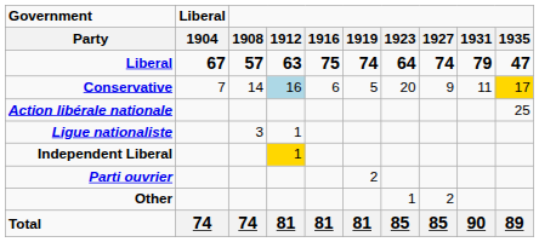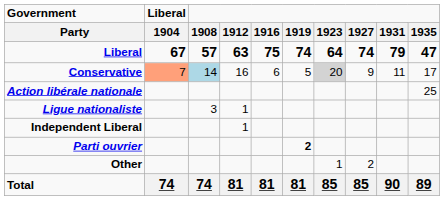 <table class="wikitable">
 <tr>
 <td><strong>Government</strong></td>
 <td><strong>Liberal</strong></td>
 </tr>
 <tr>
 <th>Party</th>
 <th>1904</th>
 <th>1908</th>
 <th>1912</th>
 <th>1916</th>
 <th>1919</th>
 <th>1923</th>
 <th>1927</th>
 <th>1931</th>
 <th>1935</th>
 </tr>
 <tr align = "right">
 <td><strong><a href='#'>Liberal</a></strong></td>
 <td><strong><big>67</big></strong></td>
 <td><strong><big>57</big></strong></td>
 <td><strong><big>63</big></strong></td>
 <td><strong><big>75</big></strong></td>
 <td><strong><big>74</big></strong></td>
 <td><strong><big>64</big></strong></td>
 <td><strong><big>74</big></strong></td>
 <td><strong><big>79</big></strong></td>
 <td><strong><big>47</big></strong></td>
 </tr>
 <tr align = "right">
 <td><strong><a href='#'>Conservative</a></strong></td>
-<td>7</td>
-<td>14</td>
-<td style="background: lightblue;">16</td>
+<td style="background: lightsalmon;">7</td>
+<td style="background: lightblue;">14</td>
+<td>16</td>
 <td>6</td>
 <td>5</td>
-<td>20</td>
+<td style="background: lightgrey;">20</td>
 <td>9</td>
 <td>11</td>
-<td style="background: gold;">17</td>
+<td>17</td>
 </tr>
 <tr align = "right">
 <td><strong><em><a href='#'>Action libérale nationale</a></em></strong></td>
 <td></td>
 <td></td>
 <td></td>
 <td></td>
 <td></td>
 <td></td>
 <td></td>
 <td></td>
 <td>25</td>
 </tr>
 <tr align = "right">
 <td><strong><em><a href='#'>Ligue nationaliste</a></em></strong></td>
 <td></td>
 <td>3</td>
 <td>1</td>
 <td></td>
 <td></td>
 <td></td>
 <td></td>
 <td></td>
 <td></td>
 </tr>
 <tr align = "right">
 <td><strong>Independent Liberal</strong></td>
 <td></td>
 <td></td>
-<td style="background: gold;">1</td>
+<td>1</td>
 <td></td>
 <td></td>
 <td></td>
 <td></td>
 <td></td>
 <td></td>
 </tr>
 <tr align = "right">
 <td><strong><em><a href='#'>Parti ouvrier</a></em></strong></td>
 <td></td>
 <td></td>
 <td></td>
 <td></td>
-<td>2</td>
+<td><strong>2</strong></td>
 <td></td>
 <td></td>
 <td></td>
 <td></td>
 </tr>
 <tr align = "right">
 <td><strong>Other</strong></td>
 <td></td>
 <td></td>
 <td></td>
 <td></td>
 <td></td>
 <td>1</td>
 <td>2</td>
 <td></td>
 <td></td>
 </tr>
 <tr align = "right">
 <td align="left"><strong>Total</strong></td>
 <th><strong><big><u>74</u></big></strong></th>
 <th><strong><big><u>74</u></big></strong></th>
 <th><strong><big><u>81</u></big></strong></th>
 <th><strong><big><u>81</u></big></strong></th>
 <th><strong><big><u>81</u></big></strong></th>
 <th><strong><big><u>85</u></big></strong></th>
 <th><strong><big><u>85</u></big></strong></th>
 <th><strong><big><u>90</u></big></strong></th>
 <th><strong><big><u>89</u></big></strong></th>
 </tr>
 </table>
